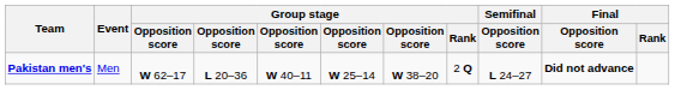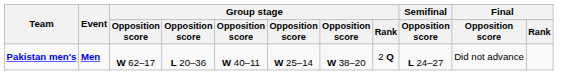 <table class=wikitable style=font-size:90%;text-align:center>
 <tr>
 <th rowspan=2>Team</th>
 <th rowspan=2>Event</th>
 <th colspan=6>Group stage</th>
 <th>Semifinal</th>
 <th colspan=2>Final</th>
 </tr>
 <tr style=font-size:95%>
 <th>Opposition<br> score</th>
 <th>Opposition<br> score</th>
 <th>Opposition<br> score</th>
 <th>Opposition<br> score</th>
 <th>Opposition<br> score</th>
 <th>Rank</th>
 <th>Opposition<br> score</th>
 <th>Opposition<br> score</th>
 <th>Rank</th>
 </tr>
 <tr>
 <td align=left><strong><a href='#'>Pakistan men's</a></strong></td>
-<td align=left><a href='#'>Men</a></td>
+<td align=left><strong><a href='#'>Men</a></strong></td>
 <td><br><strong>W</strong> 62–17</td>
 <td><br><strong>L</strong> 20–36</td>
 <td><br><strong>W</strong> 40–11</td>
 <td><br><strong>W</strong> 25–14</td>
 <td><br><strong>W</strong> 38–20</td>
 <td>2 <strong>Q</strong></td>
 <td><br><strong>L</strong> 24–27</td>
-<td><strong>Did not advance</strong></td>
+<td>Did not advance</td>
 <td></td>
 </tr>
 </table>
